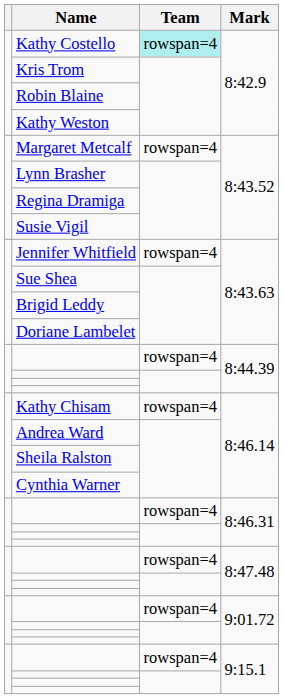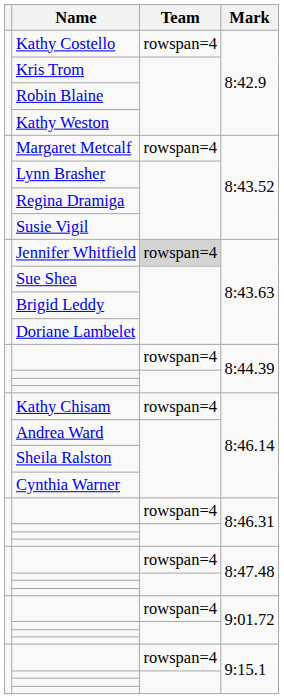 <table class=wikitable>
 <tr>
 <th></th>
 <th>Name</th>
 <th>Team</th>
 <th>Mark</th>
 </tr>
 <tr>
 <td rowspan=4></td>
 <td><a href='#'>Kathy Costello</a></td>
-<td style="background: paleturquoise;">rowspan=4 </td>
+<td>rowspan=4 </td>
 <td rowspan=4>8:42.9</td>
 </tr>
 <tr>
 <td><a href='#'>Kris Trom</a></td>
 </tr>
 <tr>
 <td><a href='#'>Robin Blaine</a></td>
 </tr>
 <tr>
 <td><a href='#'>Kathy Weston</a></td>
 </tr>
 <tr>
 <td rowspan=4></td>
 <td><a href='#'>Margaret Metcalf</a></td>
 <td>rowspan=4 </td>
 <td rowspan=4>8:43.52</td>
 </tr>
 <tr>
 <td><a href='#'>Lynn Brasher</a></td>
 </tr>
 <tr>
 <td><a href='#'>Regina Dramiga</a></td>
 </tr>
 <tr>
 <td><a href='#'>Susie Vigil</a></td>
 </tr>
 <tr>
 <td rowspan=4></td>
 <td><a href='#'>Jennifer Whitfield</a></td>
-<td>rowspan=4 </td>
+<td style="background: lightgrey;">rowspan=4 </td>
 <td rowspan=4>8:43.63</td>
 </tr>
 <tr>
 <td><a href='#'>Sue Shea</a></td>
 </tr>
 <tr>
 <td><a href='#'>Brigid Leddy</a></td>
 </tr>
 <tr>
 <td><a href='#'>Doriane Lambelet</a></td>
 </tr>
 <tr>
 <td rowspan=4></td>
 <td></td>
 <td>rowspan=4 </td>
 <td rowspan=4>8:44.39</td>
 </tr>
 <tr>
 <td></td>
 </tr>
 <tr>
 <td></td>
 </tr>
 <tr>
 <td></td>
 </tr>
 <tr>
 <td rowspan=4></td>
 <td><a href='#'>Kathy Chisam</a></td>
 <td>rowspan=4 </td>
 <td rowspan=4>8:46.14</td>
 </tr>
 <tr>
 <td><a href='#'>Andrea Ward</a></td>
 </tr>
 <tr>
 <td><a href='#'>Sheila Ralston</a></td>
 </tr>
 <tr>
 <td><a href='#'>Cynthia Warner</a></td>
 </tr>
 <tr>
 <td rowspan=4></td>
 <td></td>
 <td>rowspan=4 </td>
 <td rowspan=4>8:46.31</td>
 </tr>
 <tr>
 <td></td>
 </tr>
 <tr>
 <td></td>
 </tr>
 <tr>
 <td></td>
 </tr>
 <tr>
 <td rowspan=4></td>
 <td></td>
 <td>rowspan=4 </td>
 <td rowspan=4>8:47.48</td>
 </tr>
 <tr>
 <td></td>
 </tr>
 <tr>
 <td></td>
 </tr>
 <tr>
 <td></td>
 </tr>
 <tr>
 <td rowspan=4></td>
 <td></td>
 <td>rowspan=4 </td>
 <td rowspan=4>9:01.72</td>
 </tr>
 <tr>
 <td></td>
 </tr>
 <tr>
 <td></td>
 </tr>
 <tr>
 <td></td>
 </tr>
 <tr>
 <td rowspan=4></td>
 <td></td>
 <td>rowspan=4 </td>
 <td rowspan=4>9:15.1</td>
 </tr>
 <tr>
 <td></td>
 </tr>
 <tr>
 <td></td>
 </tr>
 <tr>
 <td></td>
 </tr>
 </table>
